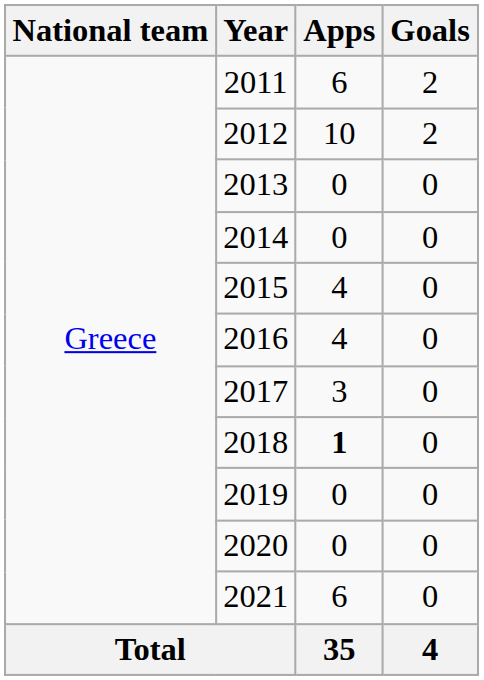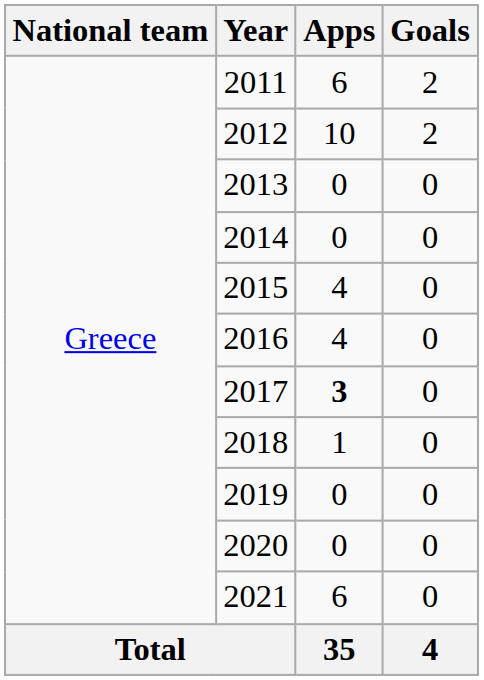 <table class="wikitable" style="text-align:center">
 <tr>
 <th>National team</th>
 <th>Year</th>
 <th>Apps</th>
 <th>Goals</th>
 </tr>
 <tr>
 <td rowspan="11"><a href='#'>Greece</a></td>
 <td>2011</td>
 <td>6</td>
 <td>2</td>
 </tr>
 <tr>
 <td>2012</td>
 <td>10</td>
 <td>2</td>
 </tr>
 <tr>
 <td>2013</td>
 <td>0</td>
 <td>0</td>
 </tr>
 <tr>
 <td>2014</td>
 <td>0</td>
 <td>0</td>
 </tr>
 <tr>
 <td>2015</td>
 <td>4</td>
 <td>0</td>
 </tr>
 <tr>
 <td>2016</td>
 <td>4</td>
 <td>0</td>
 </tr>
 <tr>
 <td>2017</td>
-<td>3</td>
+<td><strong>3</strong></td>
 <td>0</td>
 </tr>
 <tr>
 <td>2018</td>
-<td><strong>1</strong></td>
+<td>1</td>
 <td>0</td>
 </tr>
 <tr>
 <td>2019</td>
 <td>0</td>
 <td>0</td>
 </tr>
 <tr>
 <td>2020</td>
 <td>0</td>
 <td>0</td>
 </tr>
 <tr>
 <td>2021</td>
 <td>6</td>
 <td>0</td>
 </tr>
 <tr>
 <th colspan="2">Total</th>
 <th>35</th>
 <th>4</th>
 </tr>
 </table>
